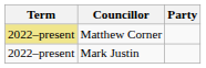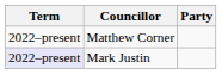 <table class="wikitable">
 <tr>
 <th>Term</th>
 <th>Councillor</th>
 <th colspan=2>Party</th>
 </tr>
 <tr>
-<td style="background: khaki;">2022–present</td>
+<td>2022–present</td>
 <td>Matthew Corner</td>
 <td></td>
 </tr>
 <tr>
-<td>2022–present</td>
+<td style="background: lavender;">2022–present</td>
 <td>Mark Justin</td>
 <td></td>
 </tr>
 </table>
